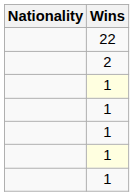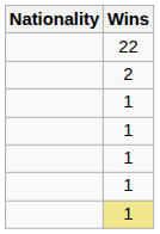 <table class="wikitable sortable">
 <tr>
 <th>Nationality</th>
 <th>Wins</th>
 </tr>
 <tr>
 <td></td>
 <td align="center">22</td>
 </tr>
 <tr>
 <td></td>
 <td align="center">2</td>
 </tr>
 <tr>
 <td></td>
-<td align="center" style="background: lightyellow;">1</td>
+<td align="center">1</td>
 </tr>
 <tr>
 <td></td>
 <td align="center">1</td>
 </tr>
 <tr>
 <td></td>
 <td align="center">1</td>
 </tr>
 <tr>
 <td></td>
-<td align="center" style="background: lightyellow;">1</td>
+<td align="center">1</td>
 </tr>
 <tr>
 <td></td>
-<td align="center">1</td>
+<td align="center" style="background: khaki;">1</td>
 </tr>
 </table>
